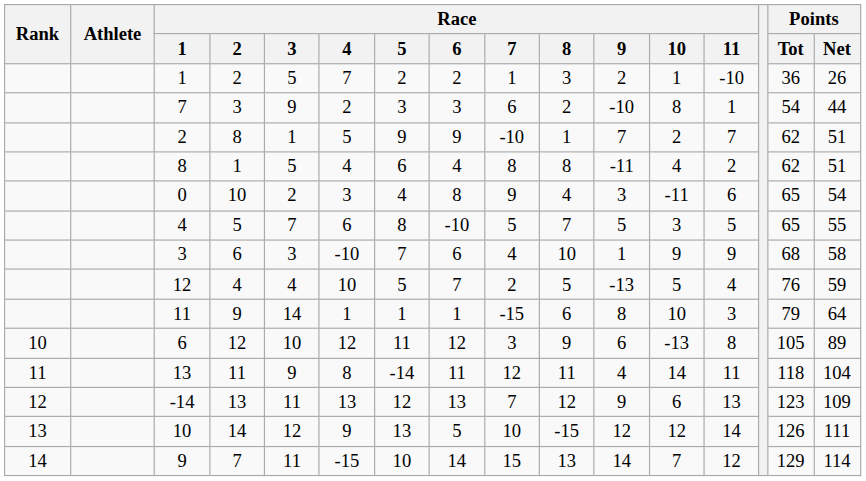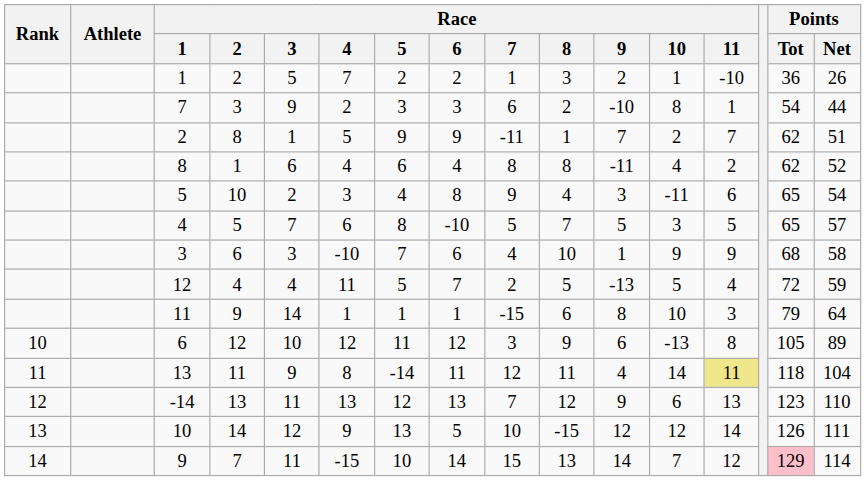 <table class="wikitable" style="text-align:center">
 <tr>
 <th rowspan="2">Rank</th>
 <th rowspan="2">Athlete</th>
 <th colspan="11">Race</th>
 <th width=1% rowspan=45></th>
 <th colspan="2">Points</th>
 </tr>
 <tr>
 <th width=40>1</th>
 <th width=40>2</th>
 <th width=40>3</th>
 <th width=40>4</th>
 <th width=40>5</th>
 <th width=40>6</th>
 <th width=40>7</th>
 <th width=40>8</th>
 <th width=40>9</th>
 <th width=40>10</th>
 <th width=40>11</th>
 <th>Tot</th>
 <th>Net</th>
 </tr>
 <tr>
 <td></td>
 <td align=left></td>
 <td>1</td>
 <td>2</td>
 <td>5</td>
 <td>7</td>
 <td>2</td>
 <td>2</td>
 <td>1</td>
 <td>3</td>
 <td>2</td>
 <td>1</td>
 <td>-10</td>
 <td>36</td>
 <td>26</td>
 </tr>
 <tr>
 <td></td>
 <td align=left></td>
 <td>7</td>
 <td>3</td>
 <td>9</td>
 <td>2</td>
 <td>3</td>
 <td>3</td>
 <td>6</td>
 <td>2</td>
 <td>-10</td>
 <td>8</td>
 <td>1</td>
 <td>54</td>
 <td>44</td>
 </tr>
 <tr>
 <td></td>
 <td align=left></td>
 <td>2</td>
 <td>8</td>
 <td>1</td>
 <td>5</td>
 <td>9</td>
 <td>9</td>
-<td>-10</td>
+<td>-11</td>
 <td>1</td>
 <td>7</td>
 <td>2</td>
 <td>7</td>
 <td>62</td>
 <td>51</td>
 </tr>
 <tr>
 <td></td>
 <td align=left></td>
 <td>8</td>
 <td>1</td>
-<td>5</td>
+<td>6</td>
 <td>4</td>
 <td>6</td>
 <td>4</td>
 <td>8</td>
 <td>8</td>
 <td>-11</td>
 <td>4</td>
 <td>2</td>
 <td>62</td>
-<td>51</td>
+<td>52</td>
 </tr>
 <tr>
 <td></td>
 <td align=left></td>
-<td>0</td>
+<td>5</td>
 <td>10</td>
 <td>2</td>
 <td>3</td>
 <td>4</td>
 <td>8</td>
 <td>9</td>
 <td>4</td>
 <td>3</td>
 <td>-11</td>
 <td>6</td>
 <td>65</td>
 <td>54</td>
 </tr>
 <tr>
 <td></td>
 <td align=left></td>
 <td>4</td>
 <td>5</td>
 <td>7</td>
 <td>6</td>
 <td>8</td>
 <td>-10</td>
 <td>5</td>
 <td>7</td>
 <td>5</td>
 <td>3</td>
 <td>5</td>
 <td>65</td>
-<td>55</td>
+<td>57</td>
 </tr>
 <tr>
 <td></td>
 <td align=left></td>
 <td>3</td>
 <td>6</td>
 <td>3</td>
 <td>-10</td>
 <td>7</td>
 <td>6</td>
 <td>4</td>
 <td>10</td>
 <td>1</td>
 <td>9</td>
 <td>9</td>
 <td>68</td>
 <td>58</td>
 </tr>
 <tr>
 <td></td>
 <td align=left></td>
 <td>12</td>
 <td>4</td>
 <td>4</td>
-<td>10</td>
+<td>11</td>
 <td>5</td>
 <td>7</td>
 <td>2</td>
 <td>5</td>
 <td>-13</td>
 <td>5</td>
 <td>4</td>
-<td>76</td>
+<td>72</td>
 <td>59</td>
 </tr>
 <tr>
 <td></td>
 <td align=left></td>
 <td>11</td>
 <td>9</td>
 <td>14</td>
 <td>1</td>
 <td>1</td>
 <td>1</td>
 <td>-15</td>
 <td>6</td>
 <td>8</td>
 <td>10</td>
 <td>3</td>
 <td>79</td>
 <td>64</td>
 </tr>
 <tr>
 <td>10</td>
 <td align=left></td>
 <td>6</td>
 <td>12</td>
 <td>10</td>
 <td>12</td>
 <td>11</td>
 <td>12</td>
 <td>3</td>
 <td>9</td>
 <td>6</td>
 <td>-13</td>
 <td>8</td>
 <td>105</td>
 <td>89</td>
 </tr>
 <tr>
 <td>11</td>
 <td align=left></td>
 <td>13</td>
 <td>11</td>
 <td>9</td>
 <td>8</td>
 <td>-14</td>
 <td>11</td>
 <td>12</td>
 <td>11</td>
 <td>4</td>
 <td>14</td>
-<td>11</td>
+<td style="background: khaki;">11</td>
 <td>118</td>
 <td>104</td>
 </tr>
 <tr>
 <td>12</td>
 <td align=left></td>
 <td>-14</td>
 <td>13</td>
 <td>11</td>
 <td>13</td>
 <td>12</td>
 <td>13</td>
 <td>7</td>
 <td>12</td>
 <td>9</td>
 <td>6</td>
 <td>13</td>
 <td>123</td>
-<td>109</td>
+<td>110</td>
 </tr>
 <tr>
 <td>13</td>
 <td align=left></td>
 <td>10</td>
 <td>14</td>
 <td>12</td>
 <td>9</td>
 <td>13</td>
 <td>5</td>
 <td>10</td>
 <td>-15</td>
 <td>12</td>
 <td>12</td>
 <td>14</td>
 <td>126</td>
 <td>111</td>
 </tr>
 <tr>
 <td>14</td>
 <td align=left></td>
 <td>9</td>
 <td>7</td>
 <td>11</td>
 <td>-15</td>
 <td>10</td>
 <td>14</td>
 <td>15</td>
 <td>13</td>
 <td>14</td>
 <td>7</td>
 <td>12</td>
-<td>129</td>
+<td style="background: pink;">129</td>
 <td>114</td>
 </tr>
 </table>
